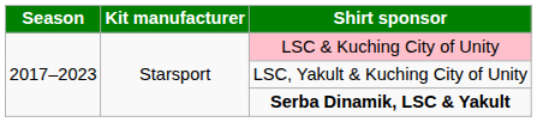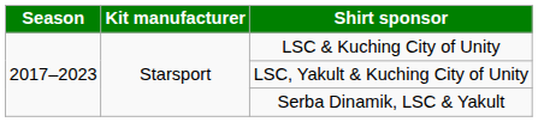 <table class="wikitable" style="text-align: center">
 <tr>
 <th style="background:green; color:white;">Season</th>
 <th style="background:green; color:white;">Kit manufacturer</th>
 <th style="background:green; color:white;">Shirt sponsor</th>
 </tr>
 <tr>
 <td rowspan="3">2017–2023</td>
 <td rowspan="3">Starsport</td>
-<td style="background: pink;">LSC & Kuching City of Unity</td>
+<td>LSC & Kuching City of Unity</td>
 </tr>
 <tr>
 <td>LSC, Yakult & Kuching City of Unity</td>
 </tr>
 <tr>
-<td><strong>Serba Dinamik, LSC & Yakult</strong></td>
+<td>Serba Dinamik, LSC & Yakult</td>
 </tr>
 </table>
